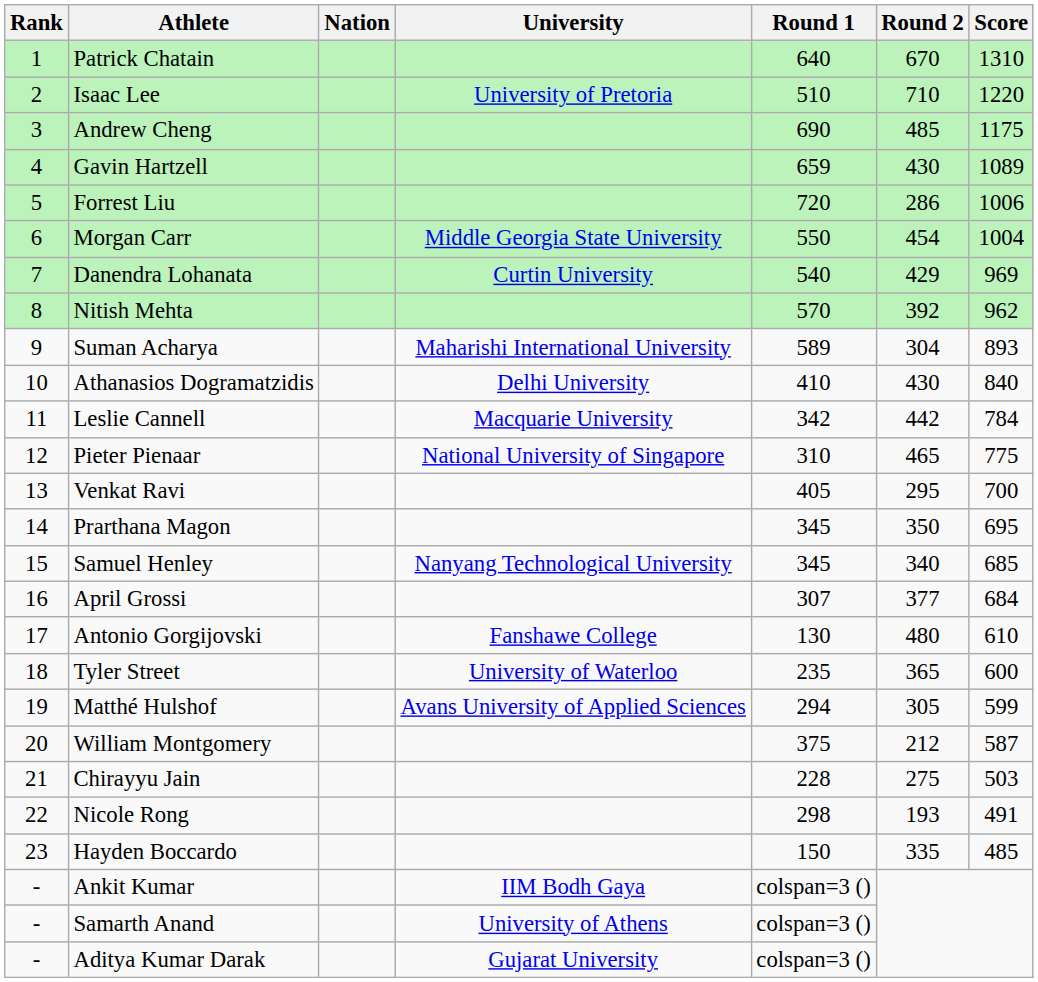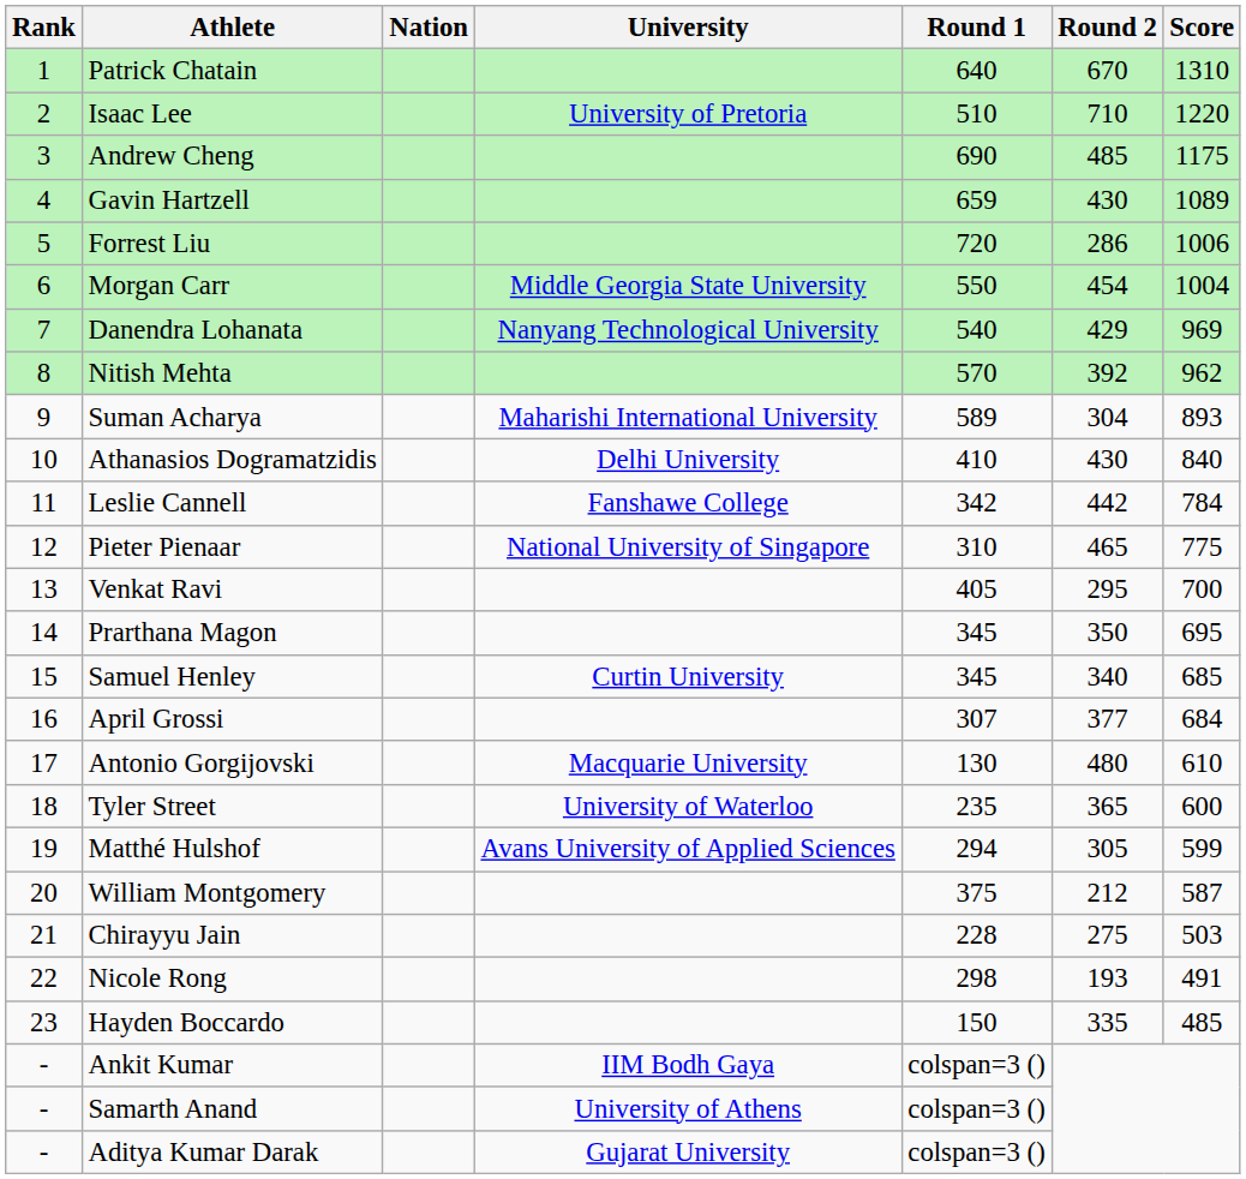 <table class="wikitable sortable" style="text-align:center">
 <tr>
 <th>Rank</th>
 <th>Athlete</th>
 <th>Nation</th>
 <th>University</th>
 <th>Round 1</th>
 <th>Round 2</th>
 <th>Score</th>
 </tr>
 <tr bgcolor=bbf3bb>
 <td>1</td>
 <td align=left>Patrick Chatain</td>
 <td align=left></td>
 <td></td>
 <td>640</td>
 <td>670</td>
 <td>1310</td>
 </tr>
 <tr bgcolor=bbf3bb>
 <td>2</td>
 <td align=left>Isaac Lee</td>
 <td align=left></td>
 <td><a href='#'>University of Pretoria</a></td>
 <td>510</td>
 <td>710</td>
 <td>1220</td>
 </tr>
 <tr bgcolor=bbf3bb>
 <td>3</td>
 <td align=left>Andrew Cheng</td>
 <td align=left></td>
 <td></td>
 <td>690</td>
 <td>485</td>
 <td>1175</td>
 </tr>
 <tr bgcolor=bbf3bb>
 <td>4</td>
 <td align=left>Gavin Hartzell</td>
 <td align=left></td>
 <td></td>
 <td>659</td>
 <td>430</td>
 <td>1089</td>
 </tr>
 <tr bgcolor=bbf3bb>
 <td>5</td>
 <td align=left>Forrest Liu</td>
 <td align=left></td>
 <td></td>
 <td>720</td>
 <td>286</td>
 <td>1006</td>
 </tr>
 <tr bgcolor=bbf3bb>
 <td>6</td>
 <td align=left>Morgan Carr</td>
 <td align=left></td>
 <td><a href='#'>Middle Georgia State University</a></td>
 <td>550</td>
 <td>454</td>
 <td>1004</td>
 </tr>
 <tr bgcolor=bbf3bb>
 <td>7</td>
 <td align=left>Danendra Lohanata</td>
 <td align=left></td>
-<td><a href='#'>Curtin University</a></td>
+<td><a href='#'>Nanyang Technological University</a></td>
 <td>540</td>
 <td>429</td>
 <td>969</td>
 </tr>
 <tr bgcolor=bbf3bb>
 <td>8</td>
 <td align=left>Nitish Mehta</td>
 <td align=left></td>
 <td></td>
 <td>570</td>
 <td>392</td>
 <td>962</td>
 </tr>
 <tr>
 <td>9</td>
 <td align=left>Suman Acharya</td>
 <td align=left></td>
 <td><a href='#'>Maharishi International University</a></td>
 <td>589</td>
 <td>304</td>
 <td>893</td>
 </tr>
 <tr>
 <td>10</td>
 <td align=left>Athanasios Dogramatzidis</td>
 <td align=left></td>
 <td><a href='#'>Delhi University</a></td>
 <td>410</td>
 <td>430</td>
 <td>840</td>
 </tr>
 <tr>
 <td>11</td>
 <td align=left>Leslie Cannell</td>
 <td align=left></td>
-<td><a href='#'>Macquarie University</a></td>
+<td><a href='#'>Fanshawe College</a></td>
 <td>342</td>
 <td>442</td>
 <td>784</td>
 </tr>
 <tr>
 <td>12</td>
 <td align=left>Pieter Pienaar</td>
 <td align=left></td>
 <td><a href='#'>National University of Singapore</a></td>
 <td>310</td>
 <td>465</td>
 <td>775</td>
 </tr>
 <tr>
 <td>13</td>
 <td align=left>Venkat Ravi</td>
 <td align=left></td>
 <td></td>
 <td>405</td>
 <td>295</td>
 <td>700</td>
 </tr>
 <tr>
 <td>14</td>
 <td align=left>Prarthana Magon</td>
 <td align=left></td>
 <td></td>
 <td>345</td>
 <td>350</td>
 <td>695</td>
 </tr>
 <tr>
 <td>15</td>
 <td align=left>Samuel Henley</td>
 <td align=left></td>
-<td><a href='#'>Nanyang Technological University</a></td>
+<td><a href='#'>Curtin University</a></td>
 <td>345</td>
 <td>340</td>
 <td>685</td>
 </tr>
 <tr>
 <td>16</td>
 <td align=left>April Grossi</td>
 <td align=left></td>
 <td></td>
 <td>307</td>
 <td>377</td>
 <td>684</td>
 </tr>
 <tr>
 <td>17</td>
 <td align=left>Antonio Gorgijovski</td>
 <td align=left></td>
-<td><a href='#'>Fanshawe College</a></td>
+<td><a href='#'>Macquarie University</a></td>
 <td>130</td>
 <td>480</td>
 <td>610</td>
 </tr>
 <tr>
 <td>18</td>
 <td align=left>Tyler Street</td>
 <td align=left></td>
 <td><a href='#'>University of Waterloo</a></td>
 <td>235</td>
 <td>365</td>
 <td>600</td>
 </tr>
 <tr>
 <td>19</td>
 <td align=left>Matthé Hulshof</td>
 <td align=left></td>
 <td><a href='#'>Avans University of Applied Sciences</a></td>
 <td>294</td>
 <td>305</td>
 <td>599</td>
 </tr>
 <tr>
 <td>20</td>
 <td align=left>William Montgomery</td>
 <td align=left></td>
 <td></td>
 <td>375</td>
 <td>212</td>
 <td>587</td>
 </tr>
 <tr>
 <td>21</td>
 <td align=left>Chirayyu Jain</td>
 <td align=left></td>
 <td></td>
 <td>228</td>
 <td>275</td>
 <td>503</td>
 </tr>
 <tr>
 <td>22</td>
 <td align=left>Nicole Rong</td>
 <td align=left></td>
 <td></td>
 <td>298</td>
 <td>193</td>
 <td>491</td>
 </tr>
 <tr>
 <td>23</td>
 <td align=left>Hayden Boccardo</td>
 <td align=left></td>
 <td></td>
 <td>150</td>
 <td>335</td>
 <td>485</td>
 </tr>
 <tr>
 <td>-</td>
 <td align=left>Ankit Kumar</td>
 <td align=left></td>
 <td><a href='#'>IIM Bodh Gaya</a></td>
 <td>colspan=3  ()</td>
 </tr>
 <tr>
 <td>-</td>
 <td align=left>Samarth Anand</td>
 <td align=left></td>
 <td><a href='#'>University of Athens</a></td>
 <td>colspan=3  ()</td>
 </tr>
 <tr>
 <td>-</td>
 <td align=left>Aditya Kumar Darak</td>
 <td align=left></td>
 <td><a href='#'>Gujarat University</a></td>
 <td>colspan=3  ()</td>
 </tr>
 </table>
